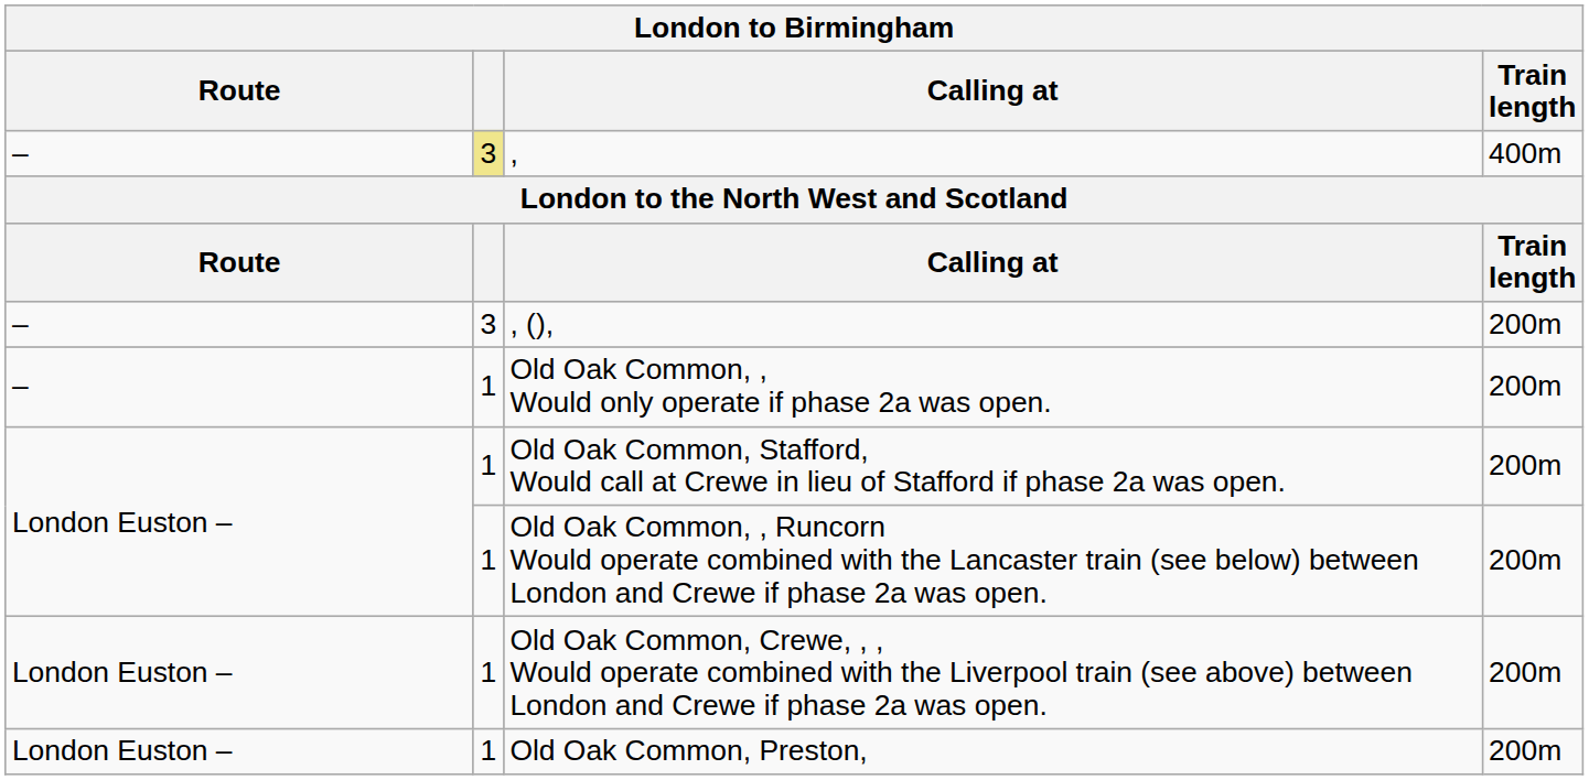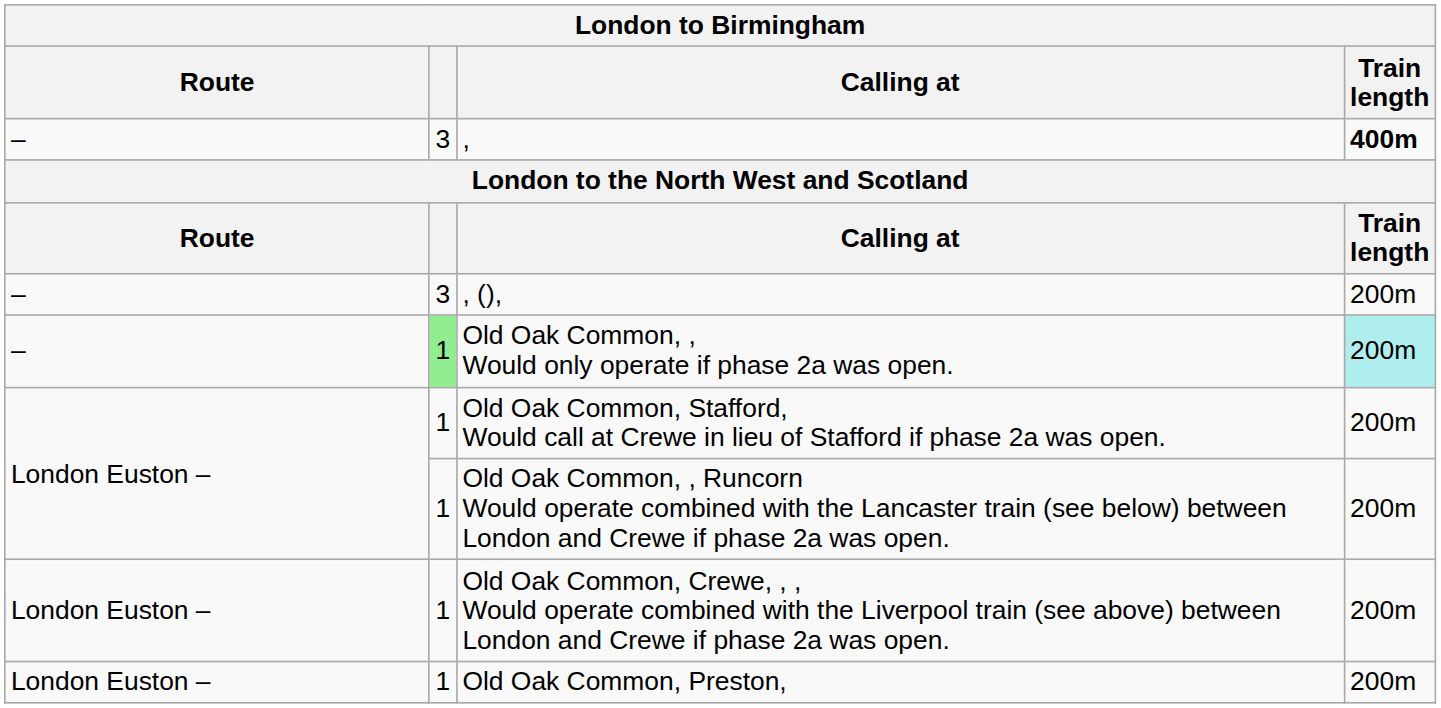 <table class="wikitable">
 <tr>
 <th colspan="4">London to Birmingham</th>
 </tr>
 <tr>
 <th width="250">Route</th>
 <th></th>
 <th>Calling at</th>
 <th>Train<br>length</th>
 </tr>
 <tr>
 <td> – </td>
-<td style="background: khaki;">3</td>
+<td>3</td>
 <td>, </td>
-<td>400m</td>
+<td><strong>400m</strong></td>
 </tr>
 <tr>
 <th colspan="4">London to the North West and Scotland</th>
 </tr>
 <tr>
 <th width="250">Route</th>
 <th></th>
 <th>Calling at</th>
 <th>Train<br>length</th>
 </tr>
 <tr>
 <td> – </td>
 <td>3</td>
 <td>,  (), </td>
 <td>200m</td>
 </tr>
 <tr>
 <td> – </td>
-<td>1</td>
+<td style="background: lightgreen;">1</td>
 <td>Old Oak Common, ,  <br>Would only operate if phase 2a was open.</td>
-<td>200m</td>
+<td style="background: paleturquoise;">200m</td>
 </tr>
 <tr>
 <td rowspan="2">London Euston – </td>
 <td>1</td>
 <td>Old Oak Common, Stafford, <br>Would call at Crewe in lieu of Stafford if phase 2a was open.</td>
 <td>200m</td>
 </tr>
 <tr>
 <td>1</td>
 <td>Old Oak Common, , Runcorn <br>Would operate combined with the Lancaster train (see below) between London and Crewe if phase 2a was open.</td>
 <td>200m</td>
 </tr>
 <tr>
 <td>London Euston – </td>
 <td>1</td>
 <td>Old Oak Common, Crewe, , ,  <br>Would operate combined with the Liverpool train (see above) between London and Crewe if phase 2a was open.</td>
 <td>200m</td>
 </tr>
 <tr>
 <td>London Euston – </td>
 <td>1</td>
 <td>Old Oak Common, Preston, </td>
 <td>200m</td>
 </tr>
 </table>
